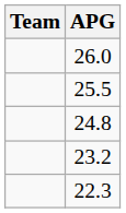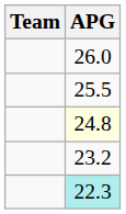 <table class=wikitable>
 <tr>
 <th>Team</th>
 <th>APG</th>
 </tr>
 <tr>
 <td></td>
 <td align=center>26.0</td>
 </tr>
 <tr>
 <td></td>
 <td align=center>25.5</td>
 </tr>
 <tr>
 <td></td>
-<td align=center>24.8</td>
+<td align=center style="background: lightyellow;">24.8</td>
 </tr>
 <tr>
 <td></td>
 <td align=center>23.2</td>
 </tr>
 <tr>
 <td></td>
-<td align=center>22.3</td>
+<td align=center style="background: paleturquoise;">22.3</td>
 </tr>
 </table>
